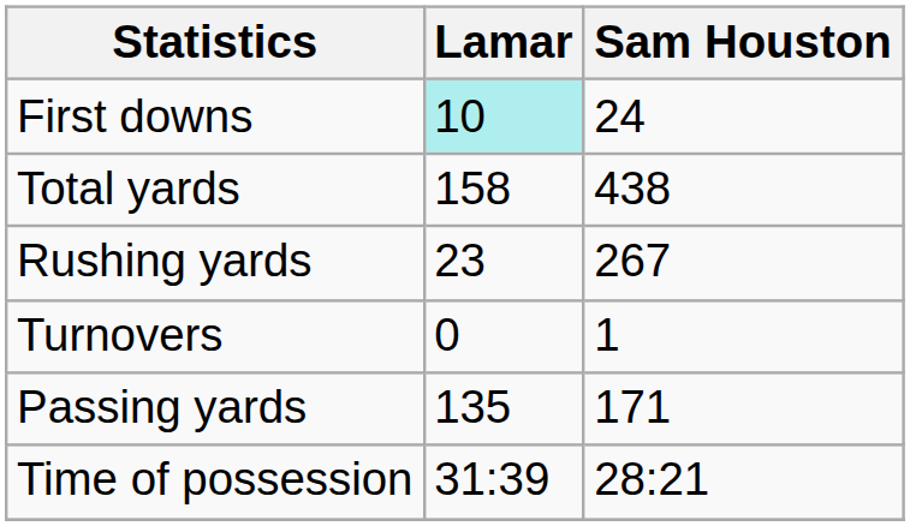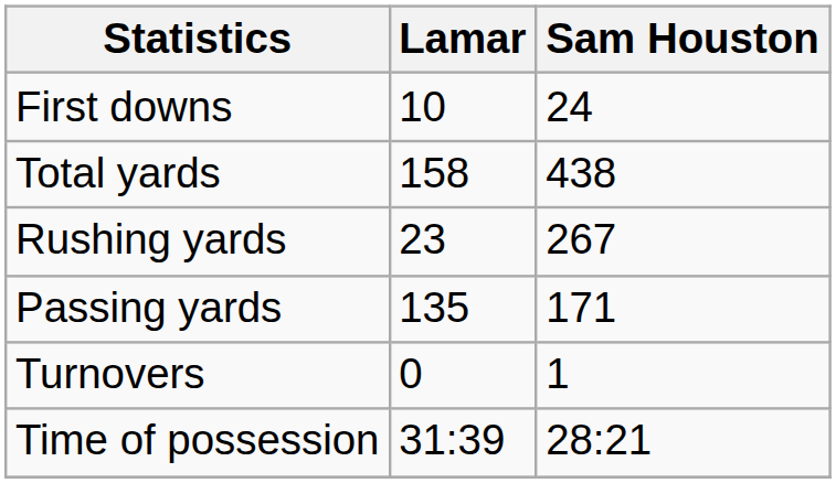 <table class="wikitable" style="float: left;">
 <tr>
 <th>Statistics</th>
 <th><strong>Lamar</strong></th>
 <th><strong>Sam Houston</strong></th>
 </tr>
 <tr>
 <td>First downs</td>
-<td style="background: paleturquoise;">10</td>
+<td>10</td>
 <td>24</td>
 </tr>
 <tr>
 <td>Total yards</td>
 <td>158</td>
 <td>438</td>
 </tr>
 <tr>
 <td>Rushing yards</td>
 <td>23</td>
 <td>267</td>
 </tr>
 <tr>
+<td>Passing yards</td>
+<td>135</td>
+<td>171</td>
+</tr>
+<tr>
 <td>Turnovers</td>
 <td>0</td>
 <td>1</td>
-</tr>
-<tr>
-<td>Passing yards</td>
-<td>135</td>
-<td>171</td>
 </tr>
 <tr>
 <td>Time of possession</td>
 <td>31:39</td>
 <td>28:21</td>
 </tr>
 <tr>
 </tr>
 </table>
